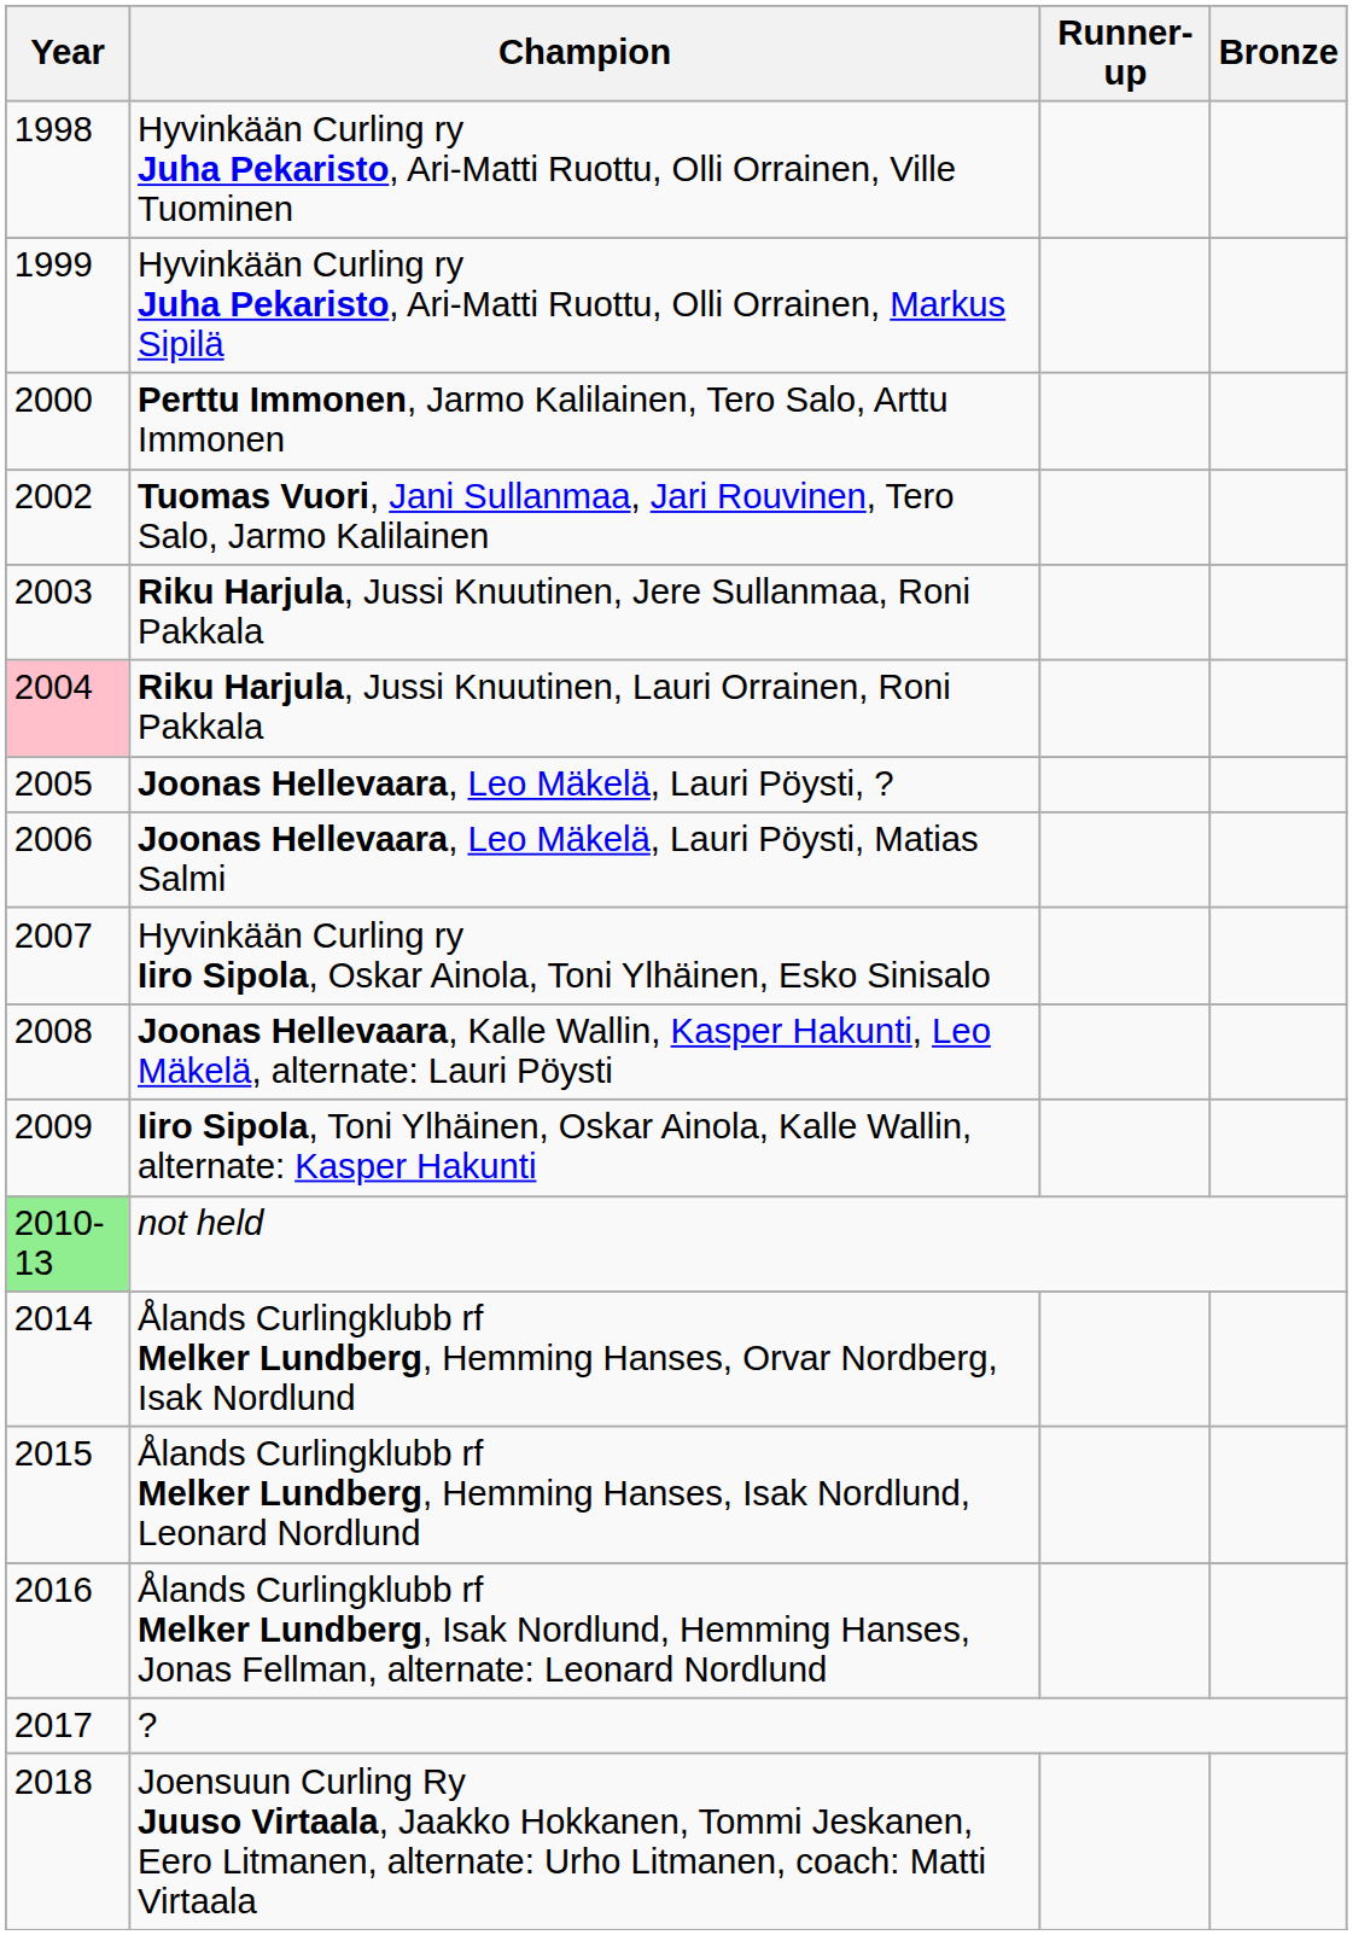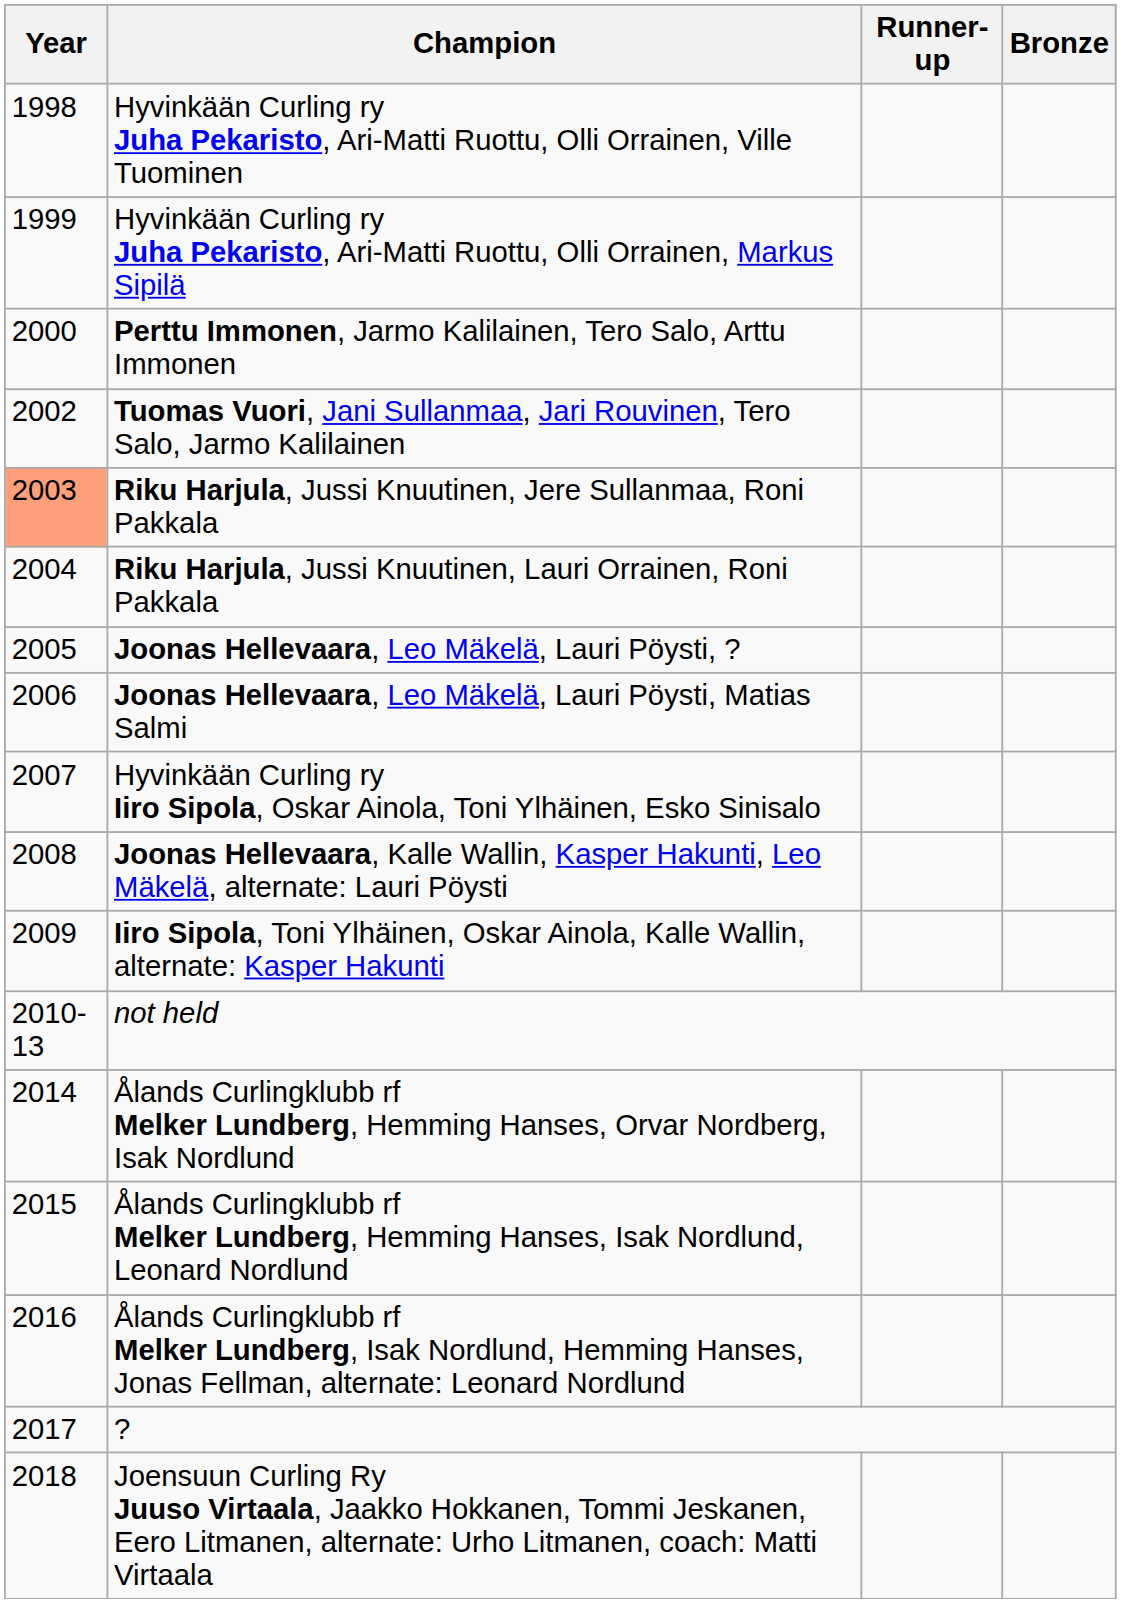 <table class="wikitable" border="1">
 <tr>
 <th>Year</th>
 <th>Champion</th>
 <th>Runner-up</th>
 <th>Bronze</th>
 </tr>
 <tr valign="top">
 <td>1998</td>
 <td>Hyvinkään Curling ry<br><strong><a href='#'>Juha Pekaristo</a></strong>, Ari-Matti Ruottu, Olli Orrainen, Ville Tuominen</td>
 <td></td>
 <td></td>
 </tr>
 <tr valign="top">
 <td>1999</td>
 <td>Hyvinkään Curling ry<br><strong><a href='#'>Juha Pekaristo</a></strong>, Ari-Matti Ruottu, Olli Orrainen, <a href='#'>Markus Sipilä</a></td>
 <td></td>
 <td></td>
 </tr>
 <tr valign="top">
 <td>2000</td>
 <td><strong>Perttu Immonen</strong>, Jarmo Kalilainen, Tero Salo, Arttu Immonen</td>
 <td></td>
 <td></td>
 </tr>
 <tr valign="top">
 <td>2002</td>
 <td><strong>Tuomas Vuori</strong>, <a href='#'>Jani Sullanmaa</a>, <a href='#'>Jari Rouvinen</a>, Tero Salo, Jarmo Kalilainen</td>
 <td></td>
 <td></td>
 </tr>
 <tr valign="top">
-<td>2003</td>
+<td style="background: lightsalmon;">2003</td>
 <td><strong>Riku Harjula</strong>, Jussi Knuutinen, Jere Sullanmaa, Roni Pakkala</td>
 <td></td>
 <td></td>
 </tr>
 <tr valign="top">
-<td style="background: pink;">2004</td>
+<td>2004</td>
 <td><strong>Riku Harjula</strong>, Jussi Knuutinen, Lauri Orrainen, Roni Pakkala</td>
 <td></td>
 <td></td>
 </tr>
 <tr valign="top">
 <td>2005</td>
 <td><strong>Joonas Hellevaara</strong>, <a href='#'>Leo Mäkelä</a>, Lauri Pöysti, ?</td>
 <td></td>
 <td></td>
 </tr>
 <tr valign="top">
 <td>2006</td>
 <td><strong>Joonas Hellevaara</strong>, <a href='#'>Leo Mäkelä</a>, Lauri Pöysti, Matias Salmi</td>
 <td></td>
 <td></td>
 </tr>
 <tr valign="top">
 <td>2007</td>
 <td>Hyvinkään Curling ry<br><strong>Iiro Sipola</strong>, Oskar Ainola, Toni Ylhäinen, Esko Sinisalo</td>
 <td></td>
 <td></td>
 </tr>
 <tr valign="top">
 <td>2008</td>
 <td><strong>Joonas Hellevaara</strong>, Kalle Wallin, <a href='#'>Kasper Hakunti</a>, <a href='#'>Leo Mäkelä</a>, alternate: Lauri Pöysti</td>
 <td></td>
 <td></td>
 </tr>
 <tr valign="top">
 <td>2009</td>
 <td><strong>Iiro Sipola</strong>, Toni Ylhäinen, Oskar Ainola, Kalle Wallin, alternate: <a href='#'>Kasper Hakunti</a></td>
 <td></td>
 <td></td>
 </tr>
 <tr valign="top">
-<td style="background: lightgreen;">2010-13</td>
+<td>2010-13</td>
 <td colspan=3><em>not held</em></td>
 </tr>
 <tr valign="top">
 <td>2014</td>
 <td>Ålands Curlingklubb rf<br><strong>Melker Lundberg</strong>, Hemming Hanses, Orvar Nordberg, Isak Nordlund</td>
 <td></td>
 <td></td>
 </tr>
 <tr valign="top">
 <td>2015</td>
 <td>Ålands Curlingklubb rf<br><strong>Melker Lundberg</strong>, Hemming Hanses, Isak Nordlund, Leonard Nordlund</td>
 <td></td>
 <td></td>
 </tr>
 <tr valign="top">
 <td>2016</td>
 <td>Ålands Curlingklubb rf<br><strong>Melker Lundberg</strong>, Isak Nordlund, Hemming Hanses, Jonas Fellman, alternate: Leonard Nordlund</td>
 <td></td>
 <td></td>
 </tr>
 <tr valign="top">
 <td>2017</td>
 <td colspan=3>?</td>
 </tr>
 <tr valign="top">
 <td>2018</td>
 <td>Joensuun Curling Ry<br><strong>Juuso Virtaala</strong>, Jaakko Hokkanen, Tommi Jeskanen, Eero Litmanen, alternate: Urho Litmanen, coach: Matti Virtaala</td>
 <td></td>
 <td></td>
 </tr>
 </table>
